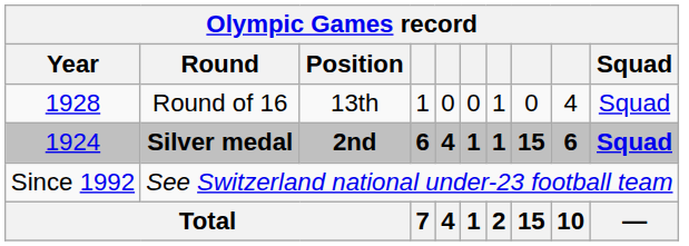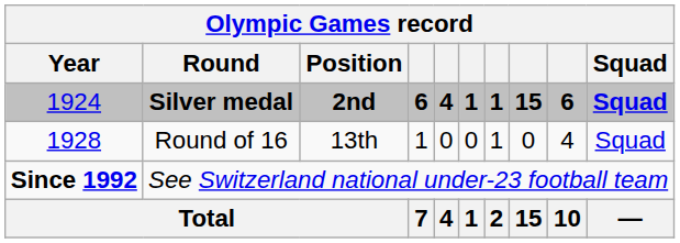 <table class="wikitable" style="text-align: center;">
 <tr>
 <th colspan=10><a href='#'>Olympic Games</a> record</th>
 </tr>
 <tr>
 <th>Year</th>
 <th>Round</th>
 <th>Position</th>
 <th></th>
 <th></th>
 <th></th>
 <th></th>
 <th></th>
 <th></th>
 <th>Squad</th>
 </tr>
-<tr>
-<td> <a href='#'>1928</a></td>
-<td>Round of 16</td>
-<td>13th</td>
-<td>1</td>
-<td>0</td>
-<td>0</td>
-<td>1</td>
-<td>0</td>
-<td>4</td>
-<td><a href='#'>Squad</a></td>
-</tr>
 <tr style="background:silver">
 <td> <a href='#'>1924</a></td>
 <td><strong>Silver medal</strong></td>
 <td><strong>2nd</strong></td>
 <td><strong>6</strong></td>
 <td><strong>4</strong></td>
 <td><strong>1</strong></td>
 <td><strong>1</strong></td>
 <td><strong>15</strong></td>
 <td><strong>6</strong></td>
 <td><strong><a href='#'>Squad</a></strong></td>
 </tr>
 <tr>
-<td>Since <a href='#'>1992</a></td>
+<td> <a href='#'>1928</a></td>
+<td>Round of 16</td>
+<td>13th</td>
+<td>1</td>
+<td>0</td>
+<td>0</td>
+<td>1</td>
+<td>0</td>
+<td>4</td>
+<td><a href='#'>Squad</a></td>
+</tr>
+<tr>
+<td><strong>Since <a href='#'>1992</a></strong></td>
 <td colspan=9><em>See <a href='#'>Switzerland national under-23 football team</a></em></td>
 </tr>
 <tr>
 <th colspan=3>Total</th>
 <th>7</th>
 <th>4</th>
 <th>1</th>
 <th>2</th>
 <th>15</th>
 <th>10</th>
 <th>—</th>
 </tr>
 </table>
